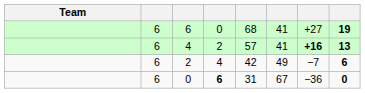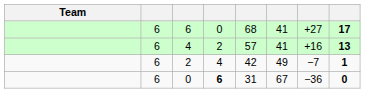 <table class=wikitable style="text-align:center">
 <tr>
 <th width=200>Team</th>
 <th width=40></th>
 <th width=40></th>
 <th width=40></th>
 <th width=40></th>
 <th width=40></th>
 <th width=40></th>
 <th width=40></th>
 </tr>
 <tr bgcolor=ccffcc>
 <td align=left></td>
 <td>6</td>
 <td>6</td>
 <td>0</td>
 <td>68</td>
 <td>41</td>
 <td>+27</td>
-<td><strong>19</strong></td>
+<td><strong>17</strong></td>
 </tr>
 <tr bgcolor=ccffcc>
 <td align=left></td>
 <td>6</td>
 <td>4</td>
 <td>2</td>
 <td>57</td>
 <td>41</td>
-<td><strong>+16</strong></td>
+<td>+16</td>
 <td><strong>13</strong></td>
 </tr>
 <tr>
 <td align=left></td>
 <td>6</td>
 <td>2</td>
 <td>4</td>
 <td>42</td>
 <td>49</td>
 <td>−7</td>
-<td><strong>6</strong></td>
+<td><strong>1</strong></td>
 </tr>
 <tr>
 <td align=left></td>
 <td>6</td>
 <td>0</td>
 <td><strong>6</strong></td>
 <td>31</td>
 <td>67</td>
 <td>−36</td>
 <td><strong>0</strong></td>
 </tr>
 </table>
